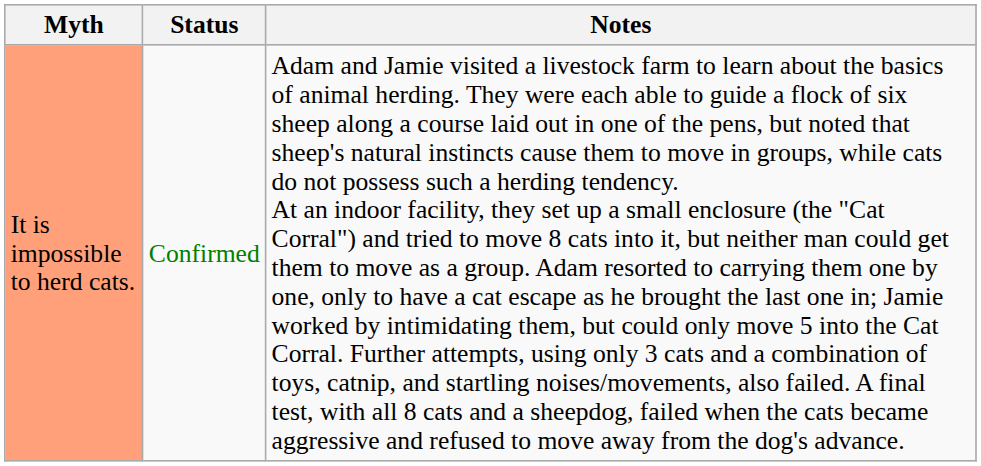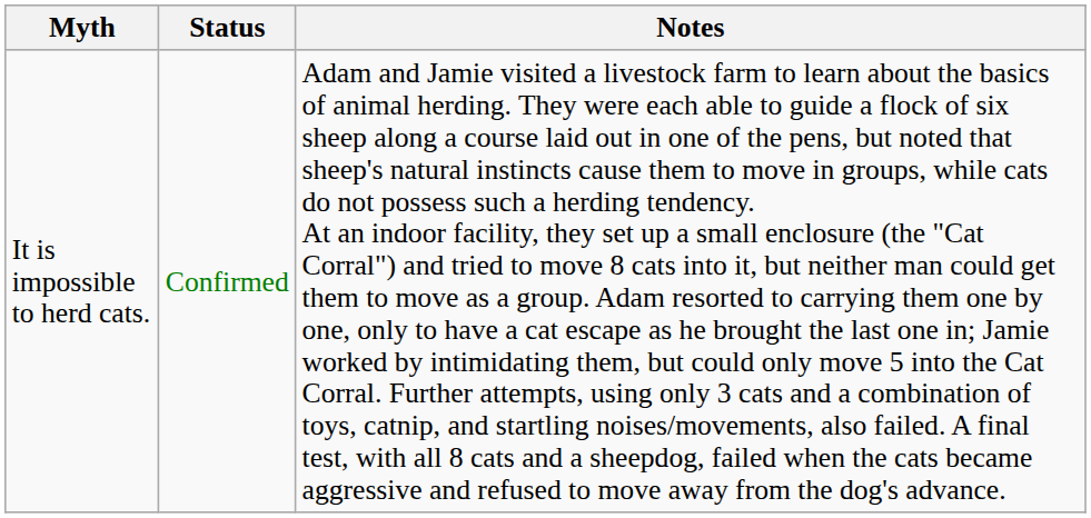 <table class="wikitable plainrowheaders">
 <tr>
 <th scope"col">Myth</th>
 <th scope"col">Status</th>
 <th scope"col">Notes</th>
 </tr>
 <tr>
-<td scope"row" style="background: lightsalmon;">It is impossible to herd cats.</td>
+<td scope"row">It is impossible to herd cats.</td>
 <td style="color:green">Confirmed</td>
 <td>Adam and Jamie visited a livestock farm to learn about the basics of animal herding. They were each able to guide a flock of six sheep along a course laid out in one of the pens, but noted that sheep's natural instincts cause them to move in groups, while cats do not possess such a herding tendency.<br>At an indoor facility, they set up a small enclosure (the "Cat Corral") and tried to move 8 cats into it, but neither man could get them to move as a group. Adam resorted to carrying them one by one, only to have a cat escape as he brought the last one in; Jamie worked by intimidating them, but could only move 5 into the Cat Corral. Further attempts, using only 3 cats and a combination of toys, catnip, and startling noises/movements, also failed. A final test, with all 8 cats and a sheepdog, failed when the cats became aggressive and refused to move away from the dog's advance.</td>
 </tr>
 </table>
